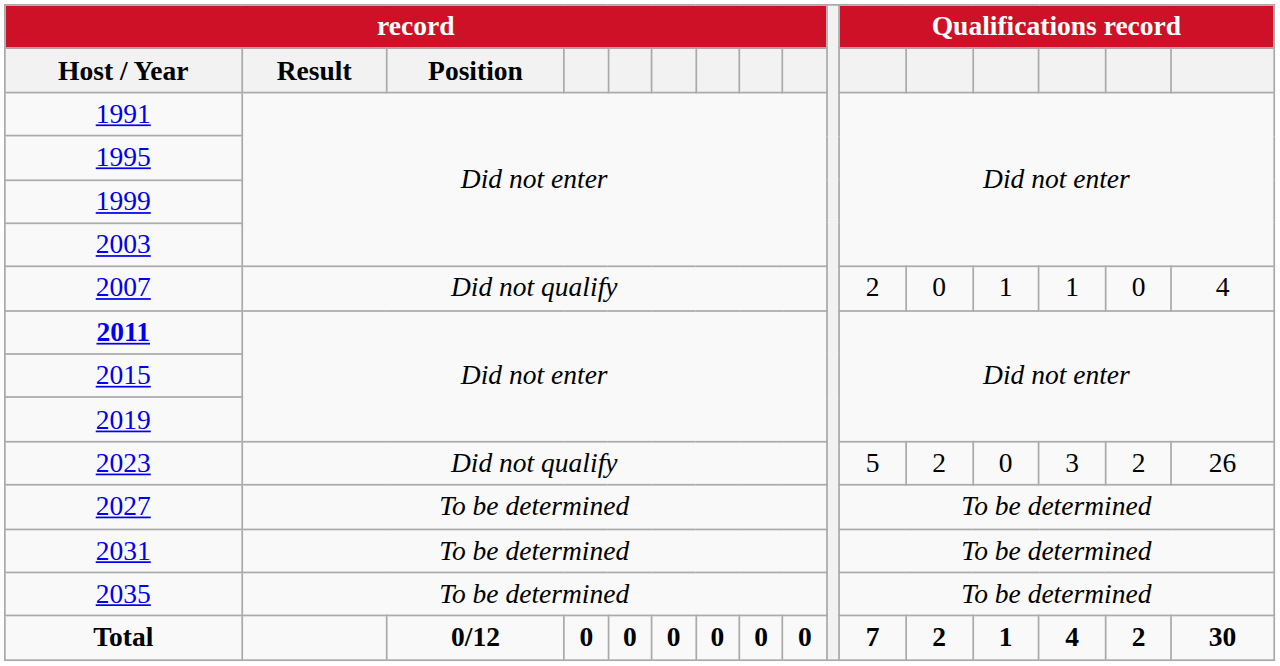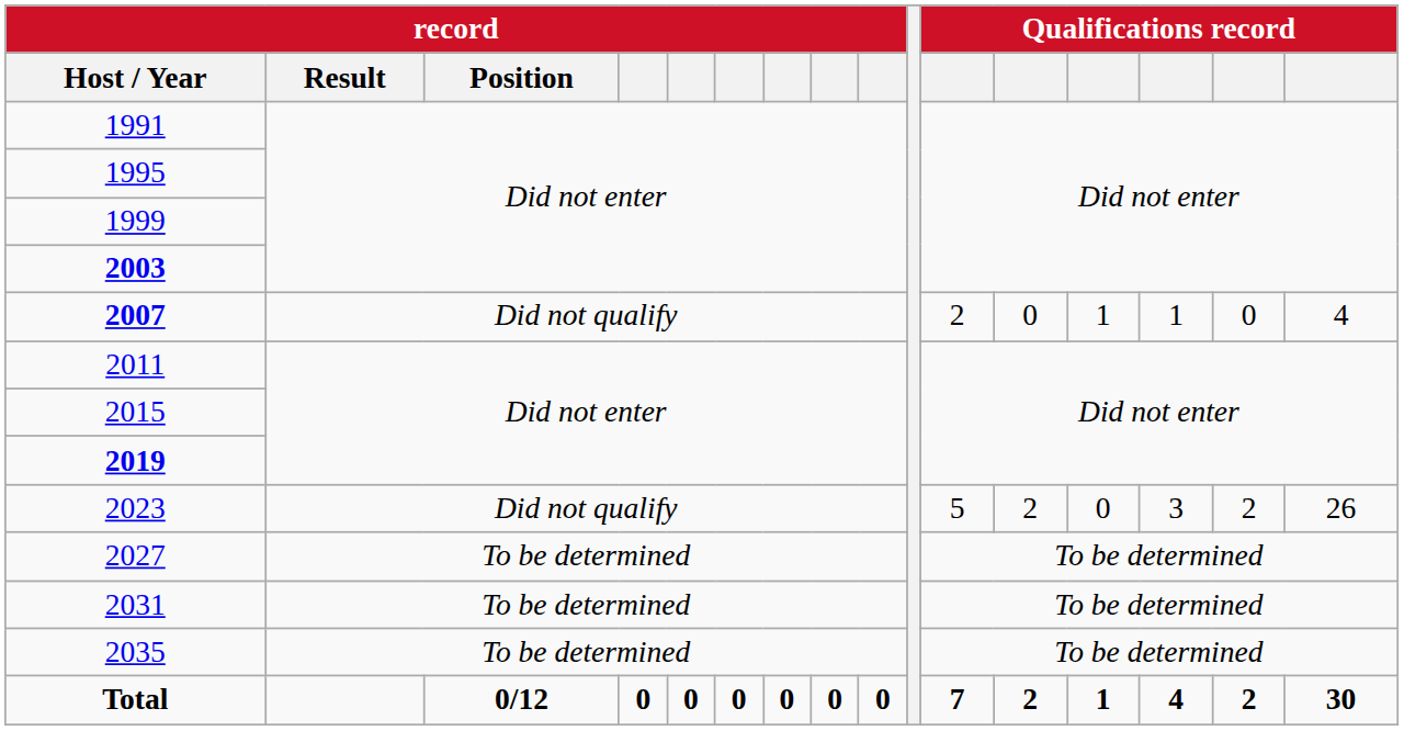 <table class="wikitable" style="text-align: center;">
 <tr>
 <th style="background: #CE1126; color: #FFFFFF; " colspan=9><a href='#'></a> record</th>
 <th style="width:1%;" rowspan="23"></th>
 <th colspan=6 style="background: #CE1126; color: #FFFFFF;">Qualifications record</th>
 </tr>
 <tr>
 <th>Host / Year</th>
 <th>Result</th>
 <th>Position</th>
 <th></th>
 <th></th>
 <th></th>
 <th></th>
 <th></th>
 <th></th>
 <th></th>
 <th></th>
 <th></th>
 <th></th>
 <th></th>
 <th></th>
 </tr>
 <tr>
 <td> <a href='#'>1991</a></td>
 <td rowspan=4 colspan=8><em>Did not enter</em></td>
 <td rowspan=4 colspan=6><em>Did not enter</em></td>
 </tr>
 <tr>
 <td> <a href='#'>1995</a></td>
 </tr>
 <tr>
 <td> <a href='#'>1999</a></td>
 </tr>
 <tr>
-<td> <a href='#'>2003</a></td>
+<td><strong> <a href='#'>2003</a></strong></td>
 </tr>
 <tr>
-<td> <a href='#'>2007</a></td>
+<td><strong> <a href='#'>2007</a></strong></td>
 <td rowspan=1 colspan=8><em>Did not qualify</em></td>
 <td>2</td>
 <td>0</td>
 <td>1</td>
 <td>1</td>
 <td>0</td>
 <td>4</td>
 </tr>
 <tr>
-<td><strong> <a href='#'>2011</a></strong></td>
+<td> <a href='#'>2011</a></td>
 <td rowspan=3 colspan=8><em>Did not enter</em></td>
 <td rowspan=3 colspan=6><em>Did not enter</em></td>
 </tr>
 <tr>
 <td> <a href='#'>2015</a></td>
 </tr>
 <tr>
-<td> <a href='#'>2019</a></td>
+<td><strong> <a href='#'>2019</a></strong></td>
 </tr>
 <tr>
 <td> <a href='#'>2023</a></td>
 <td colspan=8><em>Did not qualify</em></td>
 <td>5</td>
 <td>2</td>
 <td>0</td>
 <td>3</td>
 <td>2</td>
 <td>26</td>
 </tr>
 <tr>
 <td> <a href='#'>2027</a></td>
 <td colspan=8><em>To be determined</em></td>
 <td colspan=6><em>To be determined</em></td>
 </tr>
 <tr>
 <td> <a href='#'>2031</a></td>
 <td colspan=8><em>To be determined</em></td>
 <td colspan=6><em>To be determined</em></td>
 </tr>
 <tr>
 <td> <a href='#'>2035</a></td>
 <td colspan=8><em>To be determined</em></td>
 <td colspan=6><em>To be determined</em></td>
 </tr>
 <tr>
 <td><strong>Total</strong></td>
 <td><strong> </strong></td>
 <td><strong>0/12</strong></td>
 <td><strong>0</strong></td>
 <td><strong>0</strong></td>
 <td><strong>0</strong></td>
 <td><strong>0</strong></td>
 <td><strong>0</strong></td>
 <td><strong>0</strong></td>
 <td><strong>7</strong></td>
 <td><strong>2</strong></td>
 <td><strong>1</strong></td>
 <td><strong>4</strong></td>
 <td><strong>2</strong></td>
 <td><strong>30</strong></td>
 </tr>
 </table>
